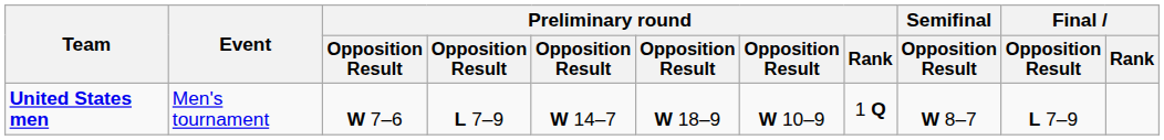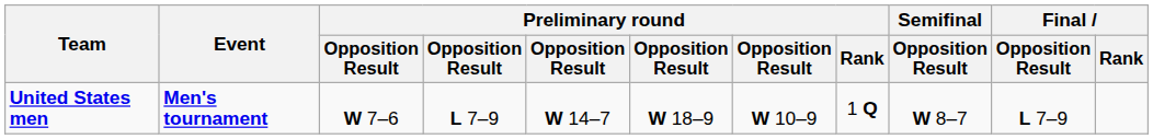 <table class=wikitable style=font-size:90%;text-align:center>
 <tr>
 <th rowspan=2>Team</th>
 <th rowspan=2>Event</th>
 <th colspan=6>Preliminary round</th>
 <th>Semifinal</th>
 <th colspan=2>Final / </th>
 </tr>
 <tr style=font-size:95%>
 <th>Opposition<br>Result</th>
 <th>Opposition<br>Result</th>
 <th>Opposition<br>Result</th>
 <th>Opposition<br>Result</th>
 <th>Opposition<br>Result</th>
 <th>Rank</th>
 <th>Opposition<br>Result</th>
 <th>Opposition<br>Result</th>
 <th>Rank</th>
 </tr>
 <tr>
 <td align=left><strong><a href='#'>United States men</a></strong></td>
-<td align=left><a href='#'>Men's tournament</a></td>
+<td align=left><strong><a href='#'>Men's tournament</a></strong></td>
 <td><br><strong>W</strong> 7–6</td>
 <td><br><strong>L</strong> 7–9</td>
 <td><br><strong>W</strong> 14–7</td>
 <td><br><strong>W</strong> 18–9</td>
 <td><br><strong>W</strong> 10–9</td>
 <td>1 <strong>Q</strong></td>
 <td><br><strong>W</strong> 8–7</td>
 <td><br><strong>L</strong> 7–9</td>
 <td></td>
 </tr>
 </table>
